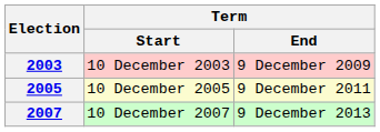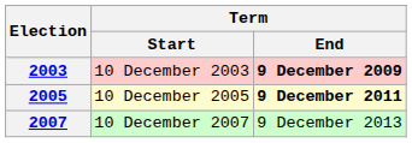 <table class="wikitable" style="text-align:center">
 <tr>
 <th rowspan="2">Election</th>
 <th colspan="2">Term</th>
 </tr>
 <tr>
 <th>Start</th>
 <th>End</th>
 </tr>
 <tr>
 <th><a href='#'>2003</a></th>
 <td bgcolor="#fcc">10 December 2003</td>
-<td bgcolor="#fcc">9 December 2009</td>
+<td bgcolor="#fcc"><strong>9 December 2009</strong></td>
 </tr>
 <tr>
 <th><a href='#'>2005</a></th>
 <td bgcolor="#fcfccf">10 December 2005</td>
-<td bgcolor="#fcfccf">9 December 2011</td>
+<td bgcolor="#fcfccf"><strong>9 December 2011</strong></td>
 </tr>
 <tr>
 <th><a href='#'>2007</a></th>
 <td bgcolor="#cfc">10 December 2007</td>
 <td bgcolor="#cfc">9 December 2013</td>
 </tr>
 </table>
